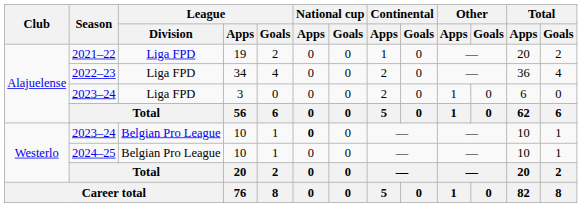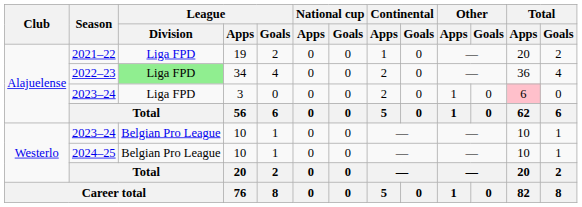 <table class="wikitable" style="text-align:center">
 <tr>
 <th rowspan="2">Club</th>
 <th rowspan="2">Season</th>
 <th colspan="3">League</th>
 <th colspan="2">National cup</th>
 <th colspan="2">Continental</th>
 <th colspan="2">Other</th>
 <th colspan="2">Total</th>
 </tr>
 <tr>
 <th>Division</th>
 <th>Apps</th>
 <th>Goals</th>
 <th>Apps</th>
 <th>Goals</th>
 <th>Apps</th>
 <th>Goals</th>
 <th>Apps</th>
 <th>Goals</th>
 <th>Apps</th>
 <th>Goals</th>
 </tr>
 <tr>
 <td rowspan="4"><a href='#'>Alajuelense</a></td>
 <td><a href='#'>2021–22</a></td>
 <td><a href='#'>Liga FPD</a></td>
 <td>19</td>
 <td>2</td>
 <td>0</td>
 <td>0</td>
 <td>1</td>
 <td>0</td>
 <td colspan="2">—</td>
 <td>20</td>
 <td>2</td>
 </tr>
 <tr>
 <td><a href='#'>2022–23</a></td>
-<td>Liga FPD</td>
+<td style="background: lightgreen;">Liga FPD</td>
 <td>34</td>
 <td>4</td>
 <td>0</td>
 <td>0</td>
 <td>2</td>
 <td>0</td>
 <td colspan="2">—</td>
 <td>36</td>
 <td>4</td>
 </tr>
 <tr>
 <td><a href='#'>2023–24</a></td>
 <td>Liga FPD</td>
 <td>3</td>
 <td>0</td>
 <td>0</td>
 <td>0</td>
 <td>2</td>
 <td>0</td>
 <td>1</td>
 <td>0</td>
-<td>6</td>
+<td style="background: pink;">6</td>
 <td>0</td>
 </tr>
 <tr>
 <th colspan="2">Total</th>
 <th>56</th>
 <th>6</th>
 <th>0</th>
 <th>0</th>
 <th>5</th>
 <th>0</th>
 <th>1</th>
 <th>0</th>
 <th>62</th>
 <th>6</th>
 </tr>
 <tr>
 <td rowspan="3"><a href='#'>Westerlo</a></td>
 <td><a href='#'>2023–24</a></td>
 <td><a href='#'>Belgian Pro League</a></td>
 <td>10</td>
 <td>1</td>
-<td><strong>0</strong></td>
+<td>0</td>
 <td>0</td>
 <td colspan="2">—</td>
 <td colspan="2">—</td>
 <td>10</td>
 <td>1</td>
 </tr>
 <tr>
 <td><a href='#'>2024–25</a></td>
 <td>Belgian Pro League</td>
 <td>10</td>
 <td>1</td>
 <td>0</td>
 <td>0</td>
 <td colspan="2">—</td>
 <td colspan="2">—</td>
 <td>10</td>
 <td>1</td>
 </tr>
 <tr>
 <th colspan="2">Total</th>
 <th>20</th>
 <th>2</th>
 <th>0</th>
 <th>0</th>
 <th colspan="2">—</th>
 <th colspan="2">—</th>
 <th>20</th>
 <th>2</th>
 </tr>
 <tr>
 <th colspan="3">Career total</th>
 <th>76</th>
 <th>8</th>
 <th>0</th>
 <th>0</th>
 <th>5</th>
 <th>0</th>
 <th>1</th>
 <th>0</th>
 <th>82</th>
 <th>8</th>
 </tr>
 </table>
